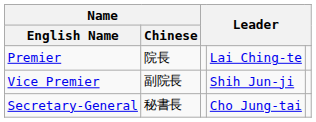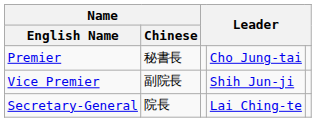 <table class="wikitable sortable">
 <tr>
 <th colspan="2">Name</th>
 <th colspan="3" rowspan="2">Leader</th>
 </tr>
 <tr>
 <th>English Name</th>
 <th>Chinese</th>
 </tr>
 <tr>
 <td><a href='#'>Premier</a></td>
-<td>院長</td>
+<td>秘書長</td>
 <td style="background:"></td>
-<td><a href='#'>Lai Ching-te</a></td>
+<td><a href='#'>Cho Jung-tai</a></td>
 <td></td>
 </tr>
 <tr>
 <td><a href='#'>Vice Premier</a></td>
 <td>副院長</td>
 <td style="background:"></td>
 <td><a href='#'>Shih Jun-ji</a></td>
 <td></td>
 </tr>
 <tr>
 <td><a href='#'>Secretary-General</a></td>
-<td>秘書長</td>
+<td>院長</td>
 <td style="background:"></td>
-<td><a href='#'>Cho Jung-tai</a></td>
+<td><a href='#'>Lai Ching-te</a></td>
 <td></td>
 </tr>
 </table>
